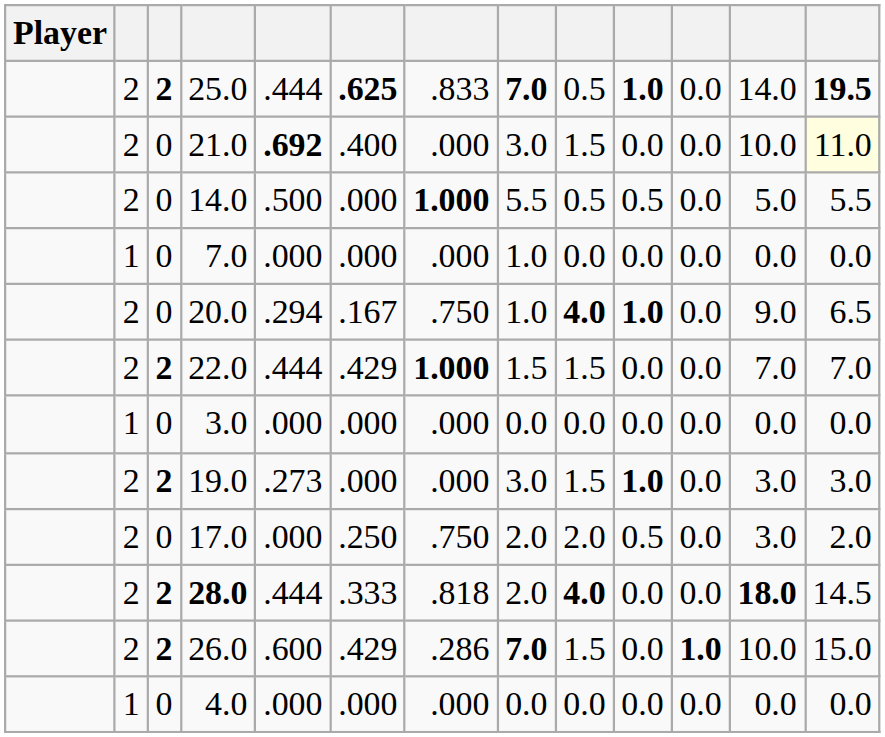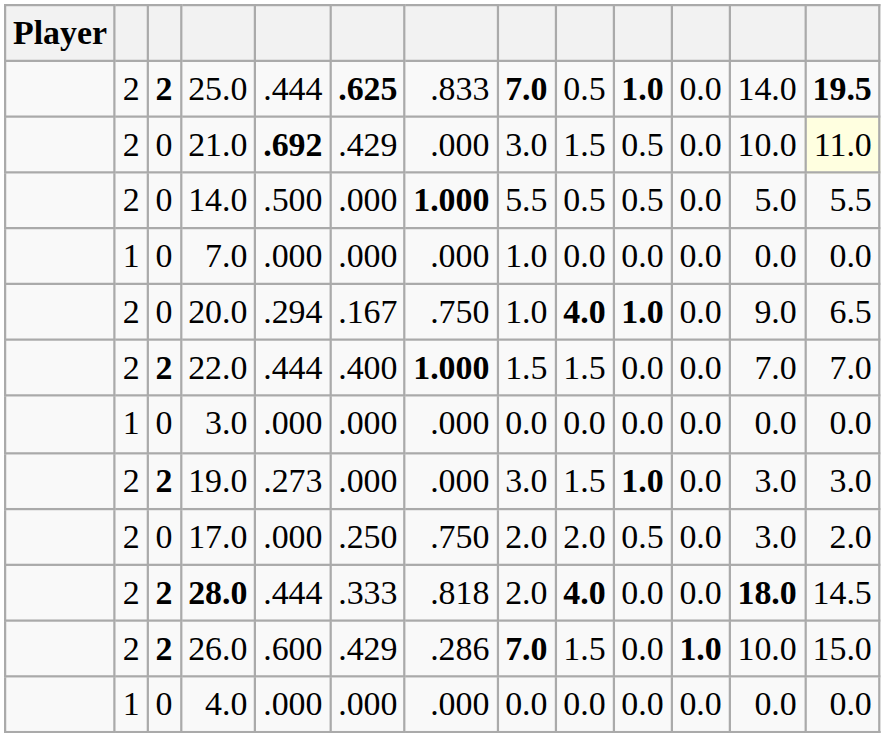 <table class="wikitable sortable" style="font-size:95%; text-align:right">
 <tr>
 <th>Player</th>
 <th></th>
 <th></th>
 <th></th>
 <th></th>
 <th></th>
 <th></th>
 <th></th>
 <th></th>
 <th></th>
 <th></th>
 <th></th>
 <th></th>
 </tr>
 <tr>
 <td><strong></strong></td>
 <td>2</td>
 <td><strong>2</strong></td>
 <td>25.0</td>
 <td>.444</td>
 <td><strong>.625</strong></td>
 <td>.833</td>
 <td><strong>7.0</strong></td>
 <td>0.5</td>
 <td><strong>1.0</strong></td>
 <td>0.0</td>
 <td>14.0</td>
 <td><strong>19.5</strong></td>
 </tr>
 <tr>
 <td><strong></strong></td>
 <td>2</td>
 <td>0</td>
 <td>21.0</td>
 <td><strong>.692</strong></td>
-<td>.400</td>
+<td>.429</td>
 <td>.000</td>
 <td>3.0</td>
 <td>1.5</td>
-<td>0.0</td>
+<td>0.5</td>
 <td>0.0</td>
 <td>10.0</td>
 <td style="background: lightyellow;">11.0</td>
 </tr>
 <tr>
 <td><strong></strong></td>
 <td>2</td>
 <td>0</td>
 <td>14.0</td>
 <td>.500</td>
 <td>.000</td>
 <td><strong>1.000</strong></td>
 <td>5.5</td>
 <td>0.5</td>
 <td>0.5</td>
 <td>0.0</td>
 <td>5.0</td>
 <td>5.5</td>
 </tr>
 <tr>
 <td><strong></strong></td>
 <td>1</td>
 <td>0</td>
 <td>7.0</td>
 <td>.000</td>
 <td>.000</td>
 <td>.000</td>
 <td>1.0</td>
 <td>0.0</td>
 <td>0.0</td>
 <td>0.0</td>
 <td>0.0</td>
 <td>0.0</td>
 </tr>
 <tr>
 <td><strong></strong></td>
 <td>2</td>
 <td>0</td>
 <td>20.0</td>
 <td>.294</td>
 <td>.167</td>
 <td>.750</td>
 <td>1.0</td>
 <td><strong>4.0</strong></td>
 <td><strong>1.0</strong></td>
 <td>0.0</td>
 <td>9.0</td>
 <td>6.5</td>
 </tr>
 <tr>
 <td><strong></strong></td>
 <td>2</td>
 <td><strong>2</strong></td>
 <td>22.0</td>
 <td>.444</td>
-<td>.429</td>
+<td>.400</td>
 <td><strong>1.000</strong></td>
 <td>1.5</td>
 <td>1.5</td>
 <td>0.0</td>
 <td>0.0</td>
 <td>7.0</td>
 <td>7.0</td>
 </tr>
 <tr>
 <td><strong></strong></td>
 <td>1</td>
 <td>0</td>
 <td>3.0</td>
 <td>.000</td>
 <td>.000</td>
 <td>.000</td>
 <td>0.0</td>
 <td>0.0</td>
 <td>0.0</td>
 <td>0.0</td>
 <td>0.0</td>
 <td>0.0</td>
 </tr>
 <tr>
 <td><strong></strong></td>
 <td>2</td>
 <td><strong>2</strong></td>
 <td>19.0</td>
 <td>.273</td>
 <td>.000</td>
 <td>.000</td>
 <td>3.0</td>
 <td>1.5</td>
 <td><strong>1.0</strong></td>
 <td>0.0</td>
 <td>3.0</td>
 <td>3.0</td>
 </tr>
 <tr>
 <td><strong></strong></td>
 <td>2</td>
 <td>0</td>
 <td>17.0</td>
 <td>.000</td>
 <td>.250</td>
 <td>.750</td>
 <td>2.0</td>
 <td>2.0</td>
 <td>0.5</td>
 <td>0.0</td>
 <td>3.0</td>
 <td>2.0</td>
 </tr>
 <tr>
 <td><strong></strong></td>
 <td>2</td>
 <td><strong>2</strong></td>
 <td><strong>28.0</strong></td>
 <td>.444</td>
 <td>.333</td>
 <td>.818</td>
 <td>2.0</td>
 <td><strong>4.0</strong></td>
 <td>0.0</td>
 <td>0.0</td>
 <td><strong>18.0</strong></td>
 <td>14.5</td>
 </tr>
 <tr>
 <td><strong></strong></td>
 <td>2</td>
 <td><strong>2</strong></td>
 <td>26.0</td>
 <td>.600</td>
 <td>.429</td>
 <td>.286</td>
 <td><strong>7.0</strong></td>
 <td>1.5</td>
 <td>0.0</td>
 <td><strong>1.0</strong></td>
 <td>10.0</td>
 <td>15.0</td>
 </tr>
 <tr>
 <td><strong></strong></td>
 <td>1</td>
 <td>0</td>
 <td>4.0</td>
 <td>.000</td>
 <td>.000</td>
 <td>.000</td>
 <td>0.0</td>
 <td>0.0</td>
 <td>0.0</td>
 <td>0.0</td>
 <td>0.0</td>
 <td>0.0</td>
 </tr>
 <tr>
 </tr>
 </table>
